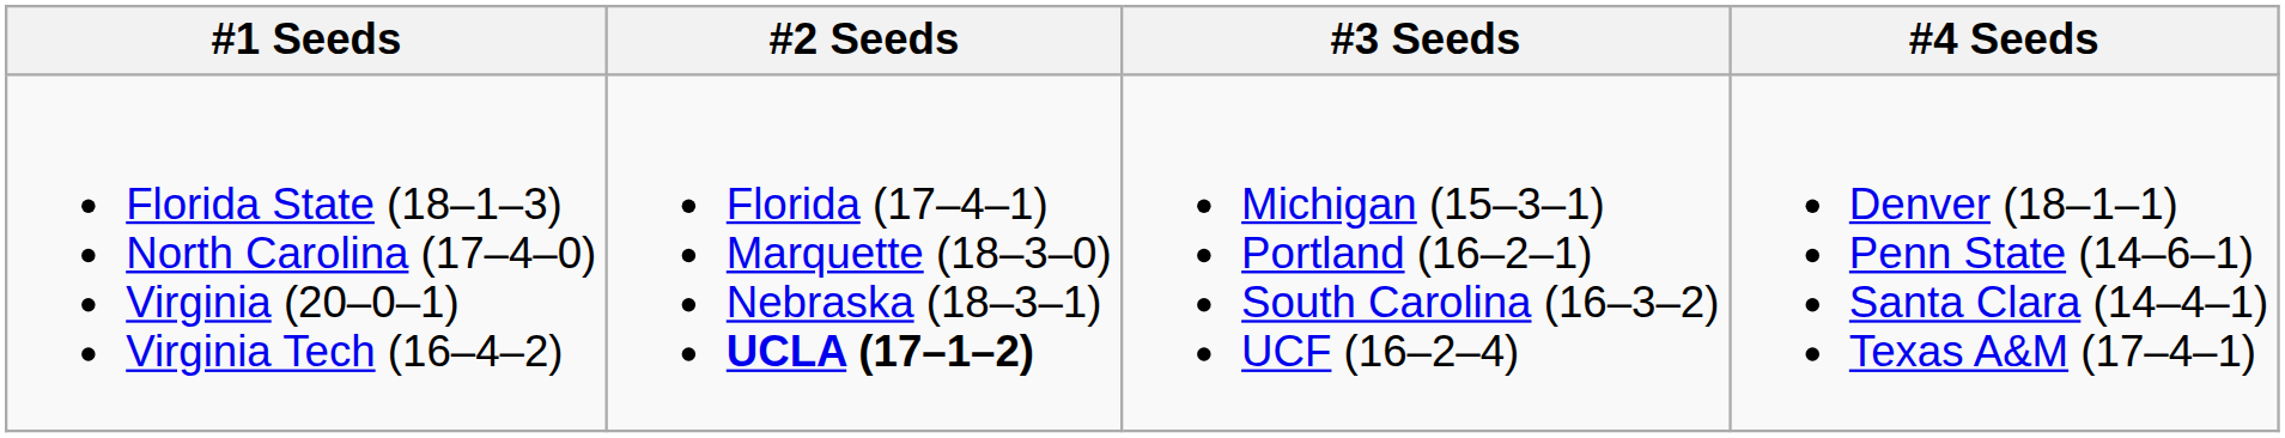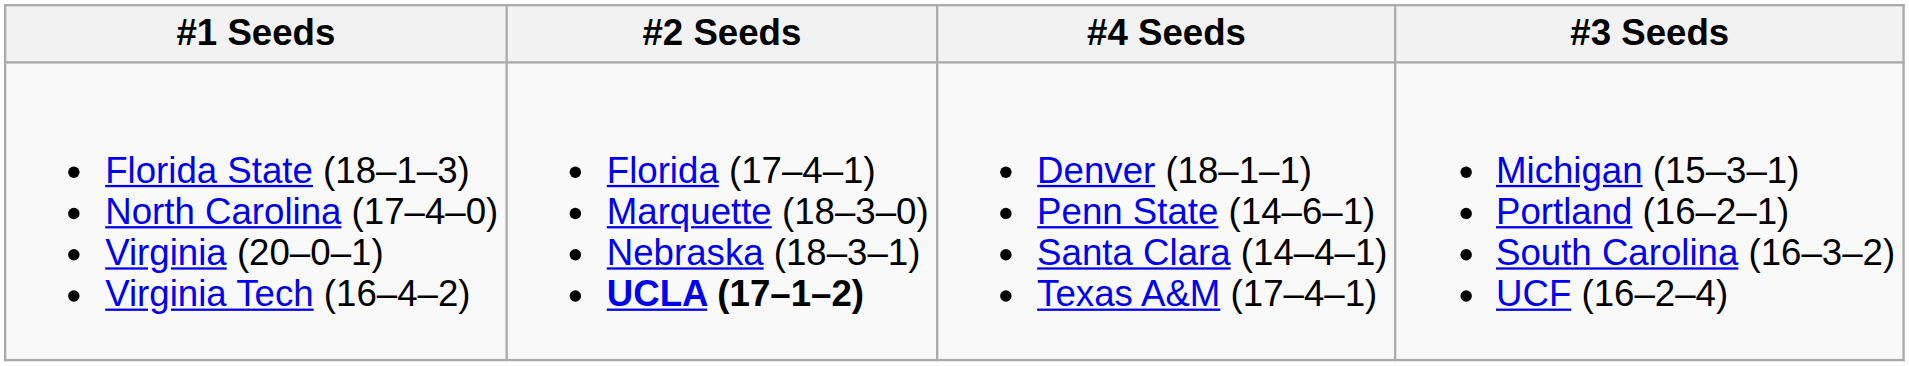 <table class="wikitable">
 <tr>
 <th>#1 Seeds</th>
 <th>#2 Seeds</th>
+<th>#4 Seeds</th>
 <th>#3 Seeds</th>
-<th>#4 Seeds</th>
 </tr>
 <tr>
 <td><br><ul><li><a href='#'>Florida State</a> (18–1–3)</li><li><a href='#'>North Carolina</a> (17–4–0)</li><li><a href='#'>Virginia</a> (20–0–1)</li><li><a href='#'>Virginia Tech</a> (16–4–2)</li></ul></td>
 <td><br><ul><li><a href='#'>Florida</a> (17–4–1)</li><li><a href='#'>Marquette</a> (18–3–0)</li><li><a href='#'>Nebraska</a> (18–3–1)</li><li><strong><a href='#'>UCLA</a> (17–1–2)</strong></li></ul></td>
+<td><br><ul><li><a href='#'>Denver</a> (18–1–1)</li><li><a href='#'>Penn State</a> (14–6–1)</li><li><a href='#'>Santa Clara</a> (14–4–1)</li><li><a href='#'>Texas A&M</a> (17–4–1)</li></ul></td>
 <td><br><ul><li><a href='#'>Michigan</a> (15–3–1)</li><li><a href='#'>Portland</a> (16–2–1)</li><li><a href='#'>South Carolina</a> (16–3–2)</li><li><a href='#'>UCF</a> (16–2–4)</li></ul></td>
-<td><br><ul><li><a href='#'>Denver</a> (18–1–1)</li><li><a href='#'>Penn State</a> (14–6–1)</li><li><a href='#'>Santa Clara</a> (14–4–1)</li><li><a href='#'>Texas A&M</a> (17–4–1)</li></ul></td>
 </tr>
 </table>
